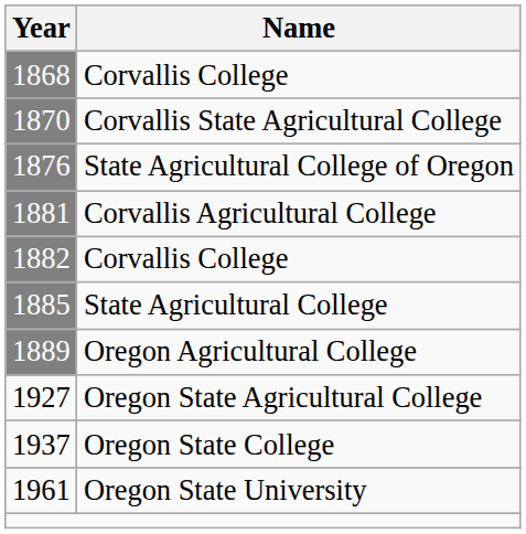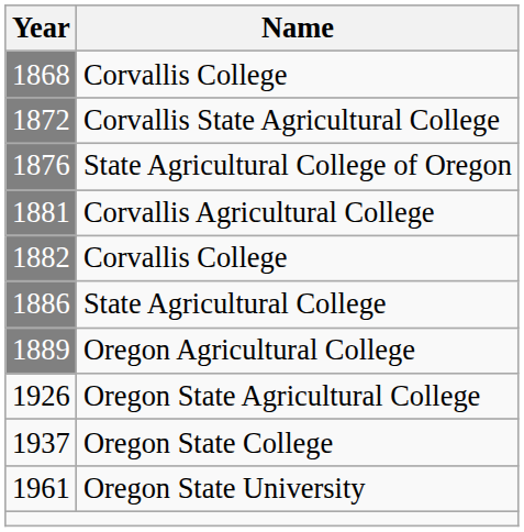 <table class="wikitable mw-collapsible mw-collapsed">
 <tr>
 <th scope=col>Year</th>
 <th scope=col>Name</th>
 </tr>
 <tr>
 <td style="background: gray; color: white;">1868</td>
 <td>Corvallis College</td>
 </tr>
 <tr>
-<td style="background: gray; color: white;">1870</td>
+<td style="background: gray; color: white;">1872</td>
 <td>Corvallis State Agricultural College</td>
 </tr>
 <tr>
 <td style="background: gray; color: white;">1876</td>
 <td>State Agricultural College of Oregon</td>
 </tr>
 <tr>
 <td style="background: gray; color: white;">1881</td>
 <td>Corvallis Agricultural College</td>
 </tr>
 <tr>
 <td style="background: gray; color: white;">1882</td>
 <td>Corvallis College</td>
 </tr>
 <tr>
-<td style="background: gray; color: white;">1885</td>
+<td style="background: gray; color: white;">1886</td>
 <td>State Agricultural College</td>
 </tr>
 <tr>
 <td style="background: gray; color: white;">1889</td>
 <td>Oregon Agricultural College</td>
 </tr>
 <tr>
-<td>1927</td>
+<td>1926</td>
 <td>Oregon State Agricultural College</td>
 </tr>
 <tr>
 <td>1937</td>
 <td>Oregon State College</td>
 </tr>
 <tr>
 <td>1961</td>
 <td>Oregon State University</td>
 </tr>
 <tr style="">
 <td colspan="2" style=""></td>
 </tr>
 </table>
